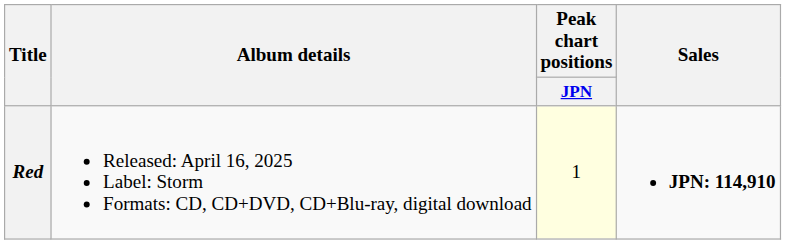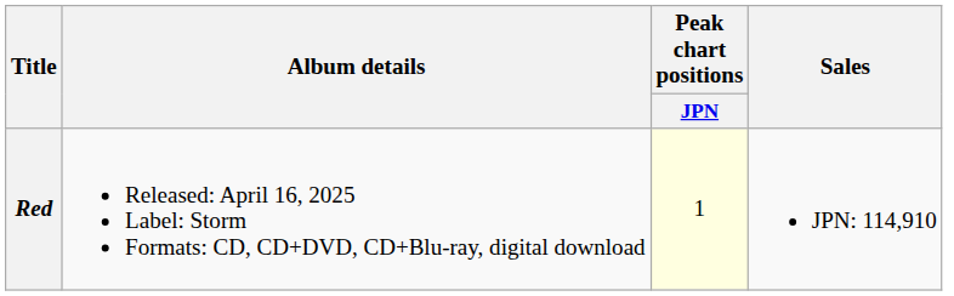 <table class="wikitable plainrowheaders">
 <tr>
 <th scope="col" rowspan="2">Title</th>
 <th scope="col" rowspan="2">Album details</th>
 <th scope="col" colspan="1">Peak chart positions</th>
 <th scope="col" rowspan="2">Sales</th>
 </tr>
 <tr>
 <th scope="col" style="width:3em;font-size:90%"><a href='#'>JPN</a><br></th>
 </tr>
 <tr>
 <th scope="row"><em>Red</em></th>
 <td><br><ul><li>Released: April 16, 2025</li><li>Label: Storm</li><li>Formats: CD, CD+DVD, CD+Blu-ray, digital download</li></ul></td>
 <td align="center" style="background: lightyellow;">1</td>
-<td><strong><br><ul><li>JPN: 114,910</li></ul></strong></td>
+<td><br><ul><li>JPN: 114,910</li></ul></td>
 </tr>
 </table>
